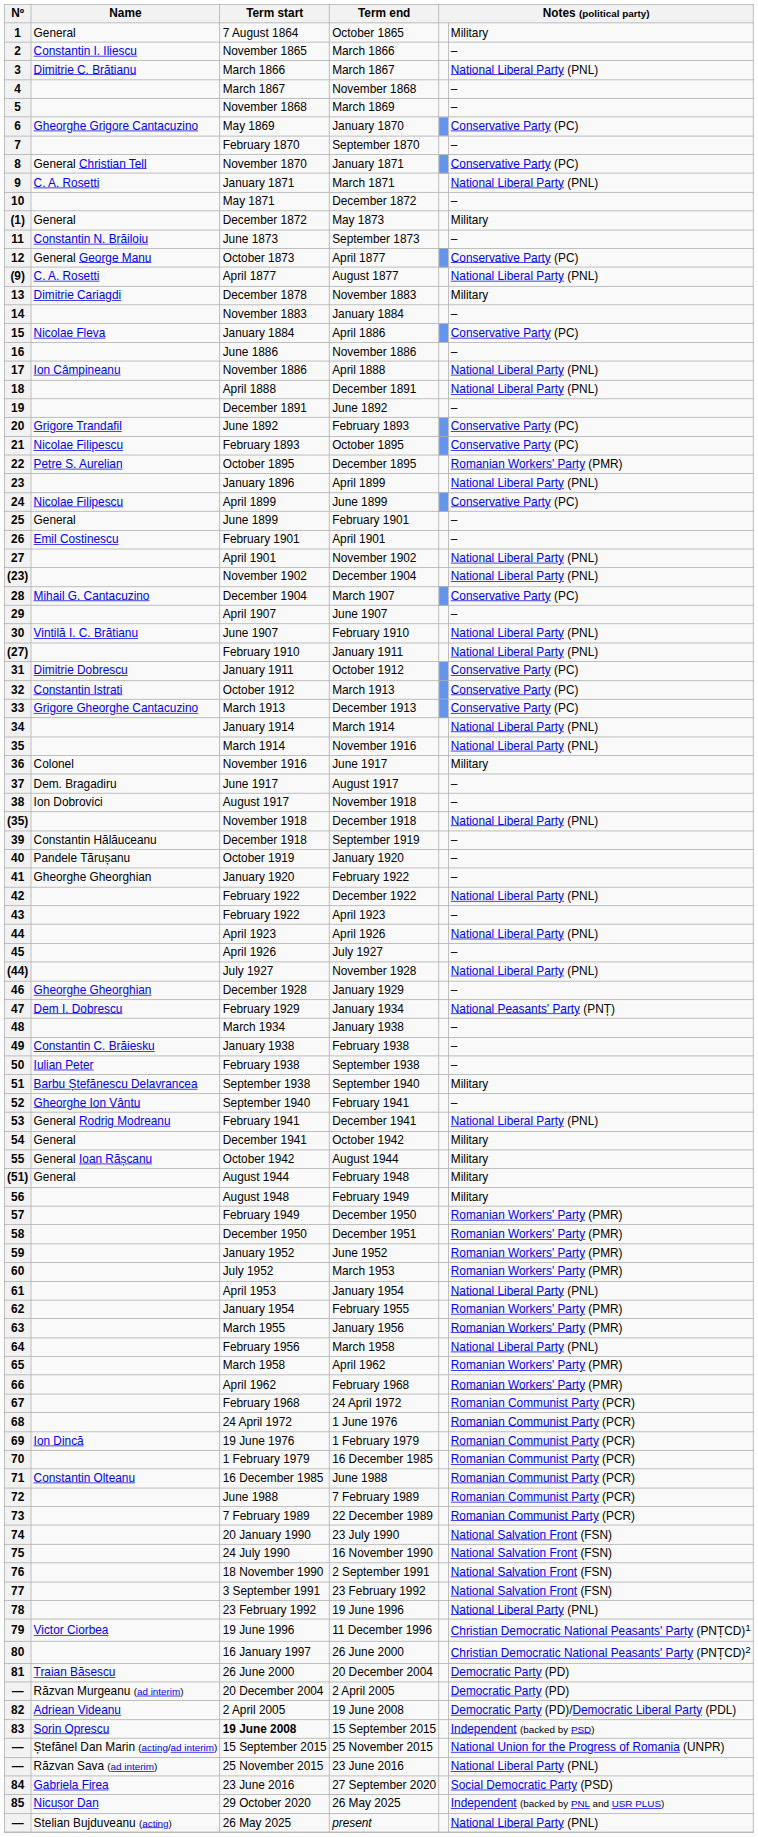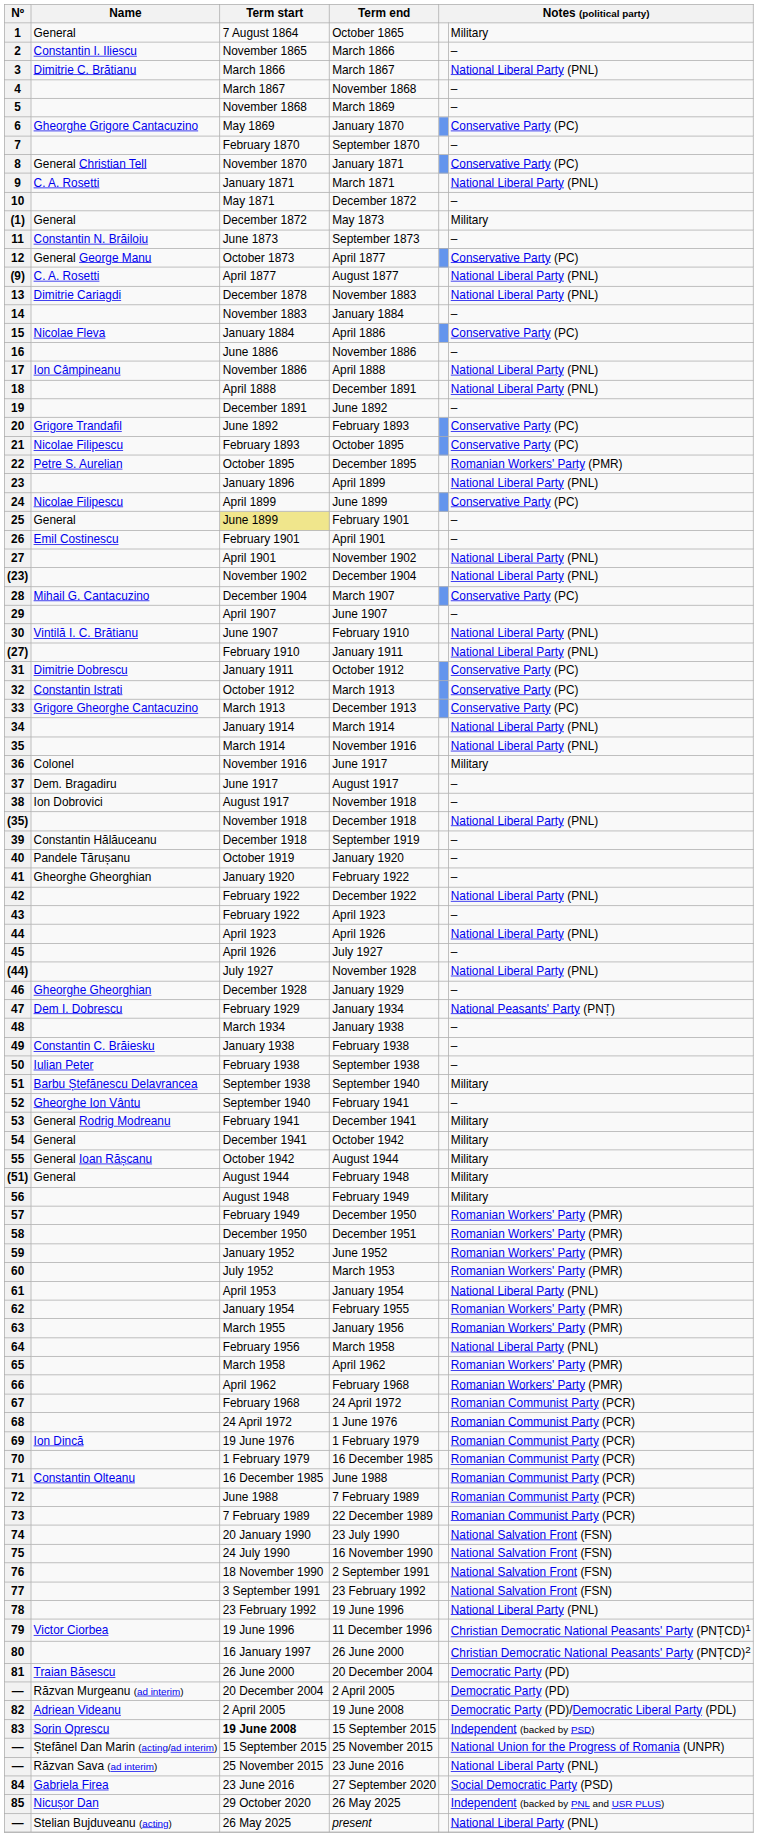 <table class="wikitable">
 <tr>
 <th>Nº</th>
 <th>Name</th>
 <th>Term start</th>
 <th>Term end</th>
 <th colspan=2>Notes <small>(political party)</small></th>
 </tr>
 <tr>
 <th>1</th>
 <td>General </td>
 <td>7 August 1864</td>
 <td>October 1865</td>
 <td style="background:"></td>
 <td>Military</td>
 </tr>
 <tr>
 <th>2</th>
 <td><a href='#'>Constantin I. Iliescu</a></td>
 <td>November 1865</td>
 <td>March 1866</td>
 <td></td>
 <td>–</td>
 </tr>
 <tr>
 <th>3</th>
 <td><a href='#'>Dimitrie C. Brătianu</a></td>
 <td>March 1866</td>
 <td>March 1867</td>
 <td style="background:"></td>
 <td><a href='#'>National Liberal Party</a> (PNL)</td>
 </tr>
 <tr>
 <th>4</th>
 <td></td>
 <td>March 1867</td>
 <td>November 1868</td>
 <td></td>
 <td>–</td>
 </tr>
 <tr>
 <th>5</th>
 <td></td>
 <td>November 1868</td>
 <td>March 1869</td>
 <td></td>
 <td>–</td>
 </tr>
 <tr>
 <th>6</th>
 <td><a href='#'>Gheorghe Grigore Cantacuzino</a></td>
 <td>May 1869</td>
 <td>January 1870</td>
 <td style="background:#6495ED; width:5px;"></td>
 <td><a href='#'>Conservative Party</a> (PC)</td>
 </tr>
 <tr>
 <th>7</th>
 <td></td>
 <td>February 1870</td>
 <td>September 1870</td>
 <td></td>
 <td>–</td>
 </tr>
 <tr>
 <th>8</th>
 <td>General <a href='#'>Christian Tell</a></td>
 <td>November 1870</td>
 <td>January 1871</td>
 <td style="background:#6495ED; width:5px;"></td>
 <td><a href='#'>Conservative Party</a> (PC)</td>
 </tr>
 <tr>
 <th>9</th>
 <td><a href='#'>C. A. Rosetti</a></td>
 <td>January 1871</td>
 <td>March 1871</td>
 <td style="background:"></td>
 <td><a href='#'>National Liberal Party</a> (PNL)</td>
 </tr>
 <tr>
 <th>10</th>
 <td></td>
 <td>May 1871</td>
 <td>December 1872</td>
 <td></td>
 <td>–</td>
 </tr>
 <tr>
 <th>(1)</th>
 <td>General </td>
 <td>December 1872</td>
 <td>May 1873</td>
 <td style="background:"></td>
 <td>Military</td>
 </tr>
 <tr>
 <th>11</th>
 <td><a href='#'>Constantin N. Brăiloiu</a></td>
 <td>June 1873</td>
 <td>September 1873</td>
 <td></td>
 <td>–</td>
 </tr>
 <tr>
 <th>12</th>
 <td>General <a href='#'>George Manu</a></td>
 <td>October 1873</td>
 <td>April 1877</td>
 <td style="background:#6495ED; width:5px;"></td>
 <td><a href='#'>Conservative Party</a> (PC)</td>
 </tr>
 <tr>
 <th>(9)</th>
 <td><a href='#'>C. A. Rosetti</a></td>
 <td>April 1877</td>
 <td>August 1877</td>
 <td style="background:"></td>
 <td><a href='#'>National Liberal Party</a> (PNL)</td>
 </tr>
 <tr>
 <th>13</th>
 <td><a href='#'>Dimitrie Cariagdi</a></td>
 <td>December 1878</td>
 <td>November 1883</td>
 <td style="background:"></td>
-<td>Military</td>
+<td><a href='#'>National Liberal Party</a> (PNL)</td>
 </tr>
 <tr>
 <th>14</th>
 <td></td>
 <td>November 1883</td>
 <td>January 1884</td>
 <td></td>
 <td>–</td>
 </tr>
 <tr>
 <th>15</th>
 <td><a href='#'>Nicolae Fleva</a></td>
 <td>January 1884</td>
 <td>April 1886</td>
 <td style="background:#6495ED; width:5px;"></td>
 <td><a href='#'>Conservative Party</a> (PC)</td>
 </tr>
 <tr>
 <th>16</th>
 <td></td>
 <td>June 1886</td>
 <td>November 1886</td>
 <td></td>
 <td>–</td>
 </tr>
 <tr>
 <th>17</th>
 <td><a href='#'>Ion Câmpineanu</a></td>
 <td>November 1886</td>
 <td>April 1888</td>
 <td style="background:"></td>
 <td><a href='#'>National Liberal Party</a> (PNL)</td>
 </tr>
 <tr>
 <th>18</th>
 <td></td>
 <td>April 1888</td>
 <td>December 1891</td>
 <td style="background:"></td>
 <td><a href='#'>National Liberal Party</a> (PNL)</td>
 </tr>
 <tr>
 <th>19</th>
 <td></td>
 <td>December 1891</td>
 <td>June 1892</td>
 <td></td>
 <td>–</td>
 </tr>
 <tr>
 <th>20</th>
 <td><a href='#'>Grigore Trandafil</a></td>
 <td>June 1892</td>
 <td>February 1893</td>
 <td style="background:#6495ED; width:5px;"></td>
 <td><a href='#'>Conservative Party</a> (PC)</td>
 </tr>
 <tr>
 <th>21</th>
 <td><a href='#'>Nicolae Filipescu</a></td>
 <td>February 1893</td>
 <td>October 1895</td>
 <td style="background:#6495ED; width:5px;"></td>
 <td><a href='#'>Conservative Party</a> (PC)</td>
 </tr>
 <tr>
 <th>22</th>
 <td><a href='#'>Petre S. Aurelian</a></td>
 <td>October 1895</td>
 <td>December 1895</td>
 <td style="background:"></td>
 <td><a href='#'>Romanian Workers' Party</a> (PMR)</td>
 </tr>
 <tr>
 <th>23</th>
 <td></td>
 <td>January 1896</td>
 <td>April 1899</td>
 <td style="background:"></td>
 <td><a href='#'>National Liberal Party</a> (PNL)</td>
 </tr>
 <tr>
 <th>24</th>
 <td><a href='#'>Nicolae Filipescu</a></td>
 <td>April 1899</td>
 <td>June 1899</td>
 <td style="background:#6495ED; width:5px;"></td>
 <td><a href='#'>Conservative Party</a> (PC)</td>
 </tr>
 <tr>
 <th>25</th>
 <td>General </td>
-<td>June 1899</td>
+<td style="background: khaki;">June 1899</td>
 <td>February 1901</td>
 <td></td>
 <td>–</td>
 </tr>
 <tr>
 <th>26</th>
 <td><a href='#'>Emil Costinescu</a></td>
 <td>February 1901</td>
 <td>April 1901</td>
 <td></td>
 <td>–</td>
 </tr>
 <tr>
 <th>27</th>
 <td></td>
 <td>April 1901</td>
 <td>November 1902</td>
 <td style="background:"></td>
 <td><a href='#'>National Liberal Party</a> (PNL)</td>
 </tr>
 <tr>
 <th>(23)</th>
 <td></td>
 <td>November 1902</td>
 <td>December 1904</td>
 <td style="background:"></td>
 <td><a href='#'>National Liberal Party</a> (PNL)</td>
 </tr>
 <tr>
 <th>28</th>
 <td><a href='#'>Mihail G. Cantacuzino</a></td>
 <td>December 1904</td>
 <td>March 1907</td>
 <td style="background:#6495ED; width:5px;"></td>
 <td><a href='#'>Conservative Party</a> (PC)</td>
 </tr>
 <tr>
 <th>29</th>
 <td></td>
 <td>April 1907</td>
 <td>June 1907</td>
 <td></td>
 <td>–</td>
 </tr>
 <tr>
 <th>30</th>
 <td><a href='#'>Vintilă I. C. Brătianu</a></td>
 <td>June 1907</td>
 <td>February 1910</td>
 <td style="background:"></td>
 <td><a href='#'>National Liberal Party</a> (PNL)</td>
 </tr>
 <tr>
 <th>(27)</th>
 <td></td>
 <td>February 1910</td>
 <td>January 1911</td>
 <td style="background:"></td>
 <td><a href='#'>National Liberal Party</a> (PNL)</td>
 </tr>
 <tr>
 <th>31</th>
 <td><a href='#'>Dimitrie Dobrescu</a></td>
 <td>January 1911</td>
 <td>October 1912</td>
 <td style="background:#6495ED; width:5px;"></td>
 <td><a href='#'>Conservative Party</a> (PC)</td>
 </tr>
 <tr>
 <th>32</th>
 <td><a href='#'>Constantin Istrati</a></td>
 <td>October 1912</td>
 <td>March 1913</td>
 <td style="background:#6495ED; width:5px;"></td>
 <td><a href='#'>Conservative Party</a> (PC)</td>
 </tr>
 <tr>
 <th>33</th>
 <td><a href='#'>Grigore Gheorghe Cantacuzino</a></td>
 <td>March 1913</td>
 <td>December 1913</td>
 <td style="background:#6495ED; width:5px;"></td>
 <td><a href='#'>Conservative Party</a> (PC)</td>
 </tr>
 <tr>
 <th>34</th>
 <td></td>
 <td>January 1914</td>
 <td>March 1914</td>
 <td style="background:"></td>
 <td><a href='#'>National Liberal Party</a> (PNL)</td>
 </tr>
 <tr>
 <th>35</th>
 <td></td>
 <td>March 1914</td>
 <td>November 1916</td>
 <td style="background:"></td>
 <td><a href='#'>National Liberal Party</a> (PNL)</td>
 </tr>
 <tr>
 <th>36</th>
 <td>Colonel </td>
 <td>November 1916</td>
 <td>June 1917</td>
 <td style="background:"></td>
 <td>Military</td>
 </tr>
 <tr>
 <th>37</th>
 <td>Dem. Bragadiru</td>
 <td>June 1917</td>
 <td>August 1917</td>
 <td></td>
 <td>–</td>
 </tr>
 <tr>
 <th>38</th>
 <td>Ion Dobrovici</td>
 <td>August 1917</td>
 <td>November 1918</td>
 <td></td>
 <td>–</td>
 </tr>
 <tr>
 <th>(35)</th>
 <td></td>
 <td>November 1918</td>
 <td>December 1918</td>
 <td style="background:"></td>
 <td><a href='#'>National Liberal Party</a> (PNL)</td>
 </tr>
 <tr>
 <th>39</th>
 <td>Constantin Hălăuceanu</td>
 <td>December 1918</td>
 <td>September 1919</td>
 <td></td>
 <td>–</td>
 </tr>
 <tr>
 <th>40</th>
 <td>Pandele Tărușanu</td>
 <td>October 1919</td>
 <td>January 1920</td>
 <td></td>
 <td>–</td>
 </tr>
 <tr>
 <th>41</th>
 <td>Gheorghe Gheorghian</td>
 <td>January 1920</td>
 <td>February 1922</td>
 <td></td>
 <td>–</td>
 </tr>
 <tr>
 <th>42</th>
 <td></td>
 <td>February 1922</td>
 <td>December 1922</td>
 <td style="background:"></td>
 <td><a href='#'>National Liberal Party</a> (PNL)</td>
 </tr>
 <tr>
 <th>43</th>
 <td></td>
 <td>February 1922</td>
 <td>April 1923</td>
 <td></td>
 <td>–</td>
 </tr>
 <tr>
 <th>44</th>
 <td></td>
 <td>April 1923</td>
 <td>April 1926</td>
 <td style="background:"></td>
 <td><a href='#'>National Liberal Party</a> (PNL)</td>
 </tr>
 <tr>
 <th>45</th>
 <td></td>
 <td>April 1926</td>
 <td>July 1927</td>
 <td></td>
 <td>–</td>
 </tr>
 <tr>
 <th>(44)</th>
 <td></td>
 <td>July 1927</td>
 <td>November 1928</td>
 <td style="background:"></td>
 <td><a href='#'>National Liberal Party</a> (PNL)</td>
 </tr>
 <tr>
 <th>46</th>
 <td><a href='#'>Gheorghe Gheorghian</a></td>
 <td>December 1928</td>
 <td>January 1929</td>
 <td></td>
 <td>–</td>
 </tr>
 <tr>
 <th>47</th>
 <td><a href='#'>Dem I. Dobrescu</a></td>
 <td>February 1929</td>
 <td>January 1934</td>
 <td style="background:"></td>
 <td><a href='#'>National Peasants' Party</a> (PNȚ)</td>
 </tr>
 <tr>
 <th>48</th>
 <td></td>
 <td>March 1934</td>
 <td>January 1938</td>
 <td></td>
 <td>–</td>
 </tr>
 <tr>
 <th>49</th>
 <td><a href='#'>Constantin C. Brăiesku</a></td>
 <td>January 1938</td>
 <td>February 1938</td>
 <td></td>
 <td>–</td>
 </tr>
 <tr>
 <th>50</th>
 <td><a href='#'>Iulian Peter</a></td>
 <td>February 1938</td>
 <td>September 1938</td>
 <td></td>
 <td>–</td>
 </tr>
 <tr>
 <th>51</th>
 <td><a href='#'>Barbu Ștefănescu Delavrancea</a></td>
 <td>September 1938</td>
 <td>September 1940</td>
 <td style="background:"></td>
 <td>Military</td>
 </tr>
 <tr>
 <th>52</th>
 <td><a href='#'>Gheorghe Ion Vântu</a></td>
 <td>September 1940</td>
 <td>February 1941</td>
 <td></td>
 <td>–</td>
 </tr>
 <tr>
 <th>53</th>
 <td>General <a href='#'>Rodrig Modreanu</a></td>
 <td>February 1941</td>
 <td>December 1941</td>
 <td style="background:"></td>
-<td><a href='#'>National Liberal Party</a> (PNL)</td>
+<td>Military</td>
 </tr>
 <tr>
 <th>54</th>
 <td>General </td>
 <td>December 1941</td>
 <td>October 1942</td>
 <td style="background:"></td>
 <td>Military</td>
 </tr>
 <tr>
 <th>55</th>
 <td>General <a href='#'>Ioan Rășcanu</a></td>
 <td>October 1942</td>
 <td>August 1944</td>
 <td style="background:"></td>
 <td>Military</td>
 </tr>
 <tr>
 <th>(51)</th>
 <td>General </td>
 <td>August 1944</td>
 <td>February 1948</td>
 <td style="background:"></td>
 <td>Military</td>
 </tr>
 <tr>
 <th>56</th>
 <td></td>
 <td>August 1948</td>
 <td>February 1949</td>
 <td style="background:"></td>
 <td>Military</td>
 </tr>
 <tr>
 <th>57</th>
 <td></td>
 <td>February 1949</td>
 <td>December 1950</td>
 <td style="background:"></td>
 <td><a href='#'>Romanian Workers' Party</a> (PMR)</td>
 </tr>
 <tr>
 <th>58</th>
 <td></td>
 <td>December 1950</td>
 <td>December 1951</td>
 <td style="background:"></td>
 <td><a href='#'>Romanian Workers' Party</a> (PMR)</td>
 </tr>
 <tr>
 <th>59</th>
 <td></td>
 <td>January 1952</td>
 <td>June 1952</td>
 <td style="background:"></td>
 <td><a href='#'>Romanian Workers' Party</a> (PMR)</td>
 </tr>
 <tr>
 <th>60</th>
 <td></td>
 <td>July 1952</td>
 <td>March 1953</td>
 <td style="background:"></td>
 <td><a href='#'>Romanian Workers' Party</a> (PMR)</td>
 </tr>
 <tr>
 <th>61</th>
 <td></td>
 <td>April 1953</td>
 <td>January 1954</td>
 <td style="background:"></td>
 <td><a href='#'>National Liberal Party</a> (PNL)</td>
 </tr>
 <tr>
 <th>62</th>
 <td></td>
 <td>January 1954</td>
 <td>February 1955</td>
 <td style="background:"></td>
 <td><a href='#'>Romanian Workers' Party</a> (PMR)</td>
 </tr>
 <tr>
 <th>63</th>
 <td></td>
 <td>March 1955</td>
 <td>January 1956</td>
 <td style="background:"></td>
 <td><a href='#'>Romanian Workers' Party</a> (PMR)</td>
 </tr>
 <tr>
 <th>64</th>
 <td></td>
 <td>February 1956</td>
 <td>March 1958</td>
 <td style="background:"></td>
 <td><a href='#'>National Liberal Party</a> (PNL)</td>
 </tr>
 <tr>
 <th>65</th>
 <td></td>
 <td>March 1958</td>
 <td>April 1962</td>
 <td style="background:"></td>
 <td><a href='#'>Romanian Workers' Party</a> (PMR)</td>
 </tr>
 <tr>
 <th>66</th>
 <td></td>
 <td>April 1962</td>
 <td>February 1968</td>
 <td style="background:"></td>
 <td><a href='#'>Romanian Workers' Party</a> (PMR)</td>
 </tr>
 <tr>
 <th>67</th>
 <td></td>
 <td>February 1968</td>
 <td>24 April 1972</td>
 <td style="background:"></td>
 <td><a href='#'>Romanian Communist Party</a> (PCR)</td>
 </tr>
 <tr>
 <th>68</th>
 <td></td>
 <td>24 April 1972</td>
 <td>1 June 1976</td>
 <td style="background:"></td>
 <td><a href='#'>Romanian Communist Party</a> (PCR)</td>
 </tr>
 <tr>
 <th>69</th>
 <td><a href='#'>Ion Dincă</a></td>
 <td>19 June 1976</td>
 <td>1 February 1979</td>
 <td style="background:"></td>
 <td><a href='#'>Romanian Communist Party</a> (PCR)</td>
 </tr>
 <tr>
 <th>70</th>
 <td></td>
 <td>1 February 1979</td>
 <td>16 December 1985</td>
 <td style="background:"></td>
 <td><a href='#'>Romanian Communist Party</a> (PCR)</td>
 </tr>
 <tr>
 <th>71</th>
 <td><a href='#'>Constantin Olteanu</a></td>
 <td>16 December 1985</td>
 <td>June 1988</td>
 <td style="background:"></td>
 <td><a href='#'>Romanian Communist Party</a> (PCR)</td>
 </tr>
 <tr>
 <th>72</th>
 <td></td>
 <td>June 1988</td>
 <td>7 February 1989</td>
 <td style="background:"></td>
 <td><a href='#'>Romanian Communist Party</a> (PCR)</td>
 </tr>
 <tr>
 <th>73</th>
 <td></td>
 <td>7 February 1989</td>
 <td>22 December 1989</td>
 <td style="background:"></td>
 <td><a href='#'>Romanian Communist Party</a> (PCR)</td>
 </tr>
 <tr>
 <th>74</th>
 <td></td>
 <td>20 January 1990</td>
 <td>23 July 1990</td>
 <td style="background:"></td>
 <td><a href='#'>National Salvation Front</a> (FSN)</td>
 </tr>
 <tr>
 <th>75</th>
 <td></td>
 <td>24 July 1990</td>
 <td>16 November 1990</td>
 <td style="background:"></td>
 <td><a href='#'>National Salvation Front</a> (FSN)</td>
 </tr>
 <tr>
 <th>76</th>
 <td></td>
 <td>18 November 1990</td>
 <td>2 September 1991</td>
 <td style="background:"></td>
 <td><a href='#'>National Salvation Front</a> (FSN)</td>
 </tr>
 <tr>
 <th>77</th>
 <td></td>
 <td>3 September 1991</td>
 <td>23 February 1992</td>
 <td style="background:"></td>
 <td><a href='#'>National Salvation Front</a> (FSN)</td>
 </tr>
 <tr>
 <th>78</th>
 <td></td>
 <td>23 February 1992</td>
 <td>19 June 1996</td>
 <td style="background:"></td>
 <td><a href='#'>National Liberal Party</a> (PNL)</td>
 </tr>
 <tr>
 <th>79</th>
 <td><a href='#'>Victor Ciorbea</a></td>
 <td>19 June 1996</td>
 <td>11 December 1996</td>
 <td style="background:"></td>
 <td><a href='#'>Christian Democratic National Peasants' Party</a> (PNȚCD)<sup>1</sup></td>
 </tr>
 <tr>
 <th>80</th>
 <td></td>
 <td>16 January 1997</td>
 <td>26 June 2000</td>
 <td style="background:"></td>
 <td><a href='#'>Christian Democratic National Peasants' Party</a> (PNȚCD)<sup>2</sup></td>
 </tr>
 <tr>
 <th>81</th>
 <td><a href='#'>Traian Băsescu</a></td>
 <td>26 June 2000</td>
 <td>20 December 2004</td>
 <td style="background:"></td>
 <td><a href='#'>Democratic Party</a> (PD)</td>
 </tr>
 <tr>
 <th>—</th>
 <td>Răzvan Murgeanu <small>(<a href='#'>ad interim</a>)</small></td>
 <td>20 December 2004</td>
 <td>2 April 2005</td>
 <td style="background:"></td>
 <td><a href='#'>Democratic Party</a> (PD)</td>
 </tr>
 <tr>
 <th>82</th>
 <td><a href='#'>Adriean Videanu</a></td>
 <td>2 April 2005</td>
 <td>19 June 2008</td>
 <td style="background:"></td>
 <td><a href='#'>Democratic Party</a> (PD)/<a href='#'>Democratic Liberal Party</a> (PDL)</td>
 </tr>
 <tr>
 <th>83</th>
 <td><a href='#'>Sorin Oprescu</a></td>
 <td><strong>19 June 2008</strong></td>
 <td>15 September 2015</td>
 <td style="background:"></td>
 <td><a href='#'>Independent</a> <small>(backed by <a href='#'>PSD</a>)</small></td>
 </tr>
 <tr>
 <th>—</th>
 <td>Ștefănel Dan Marin <small>(<a href='#'>acting</a>/<a href='#'>ad interim</a>)</small></td>
 <td>15 September 2015</td>
 <td>25 November 2015</td>
 <td style="background:"></td>
 <td><a href='#'>National Union for the Progress of Romania</a> (UNPR)</td>
 </tr>
 <tr>
 <th>—</th>
 <td>Răzvan Sava <small>(<a href='#'>ad interim</a>)</small></td>
 <td>25 November 2015</td>
 <td>23 June 2016</td>
 <td style="background:"></td>
 <td><a href='#'>National Liberal Party</a> (PNL)</td>
 </tr>
 <tr>
 <th>84</th>
 <td><a href='#'>Gabriela Firea</a></td>
 <td>23 June 2016</td>
 <td>27 September 2020</td>
 <td style="background:"></td>
 <td><a href='#'>Social Democratic Party</a> (PSD)</td>
 </tr>
 <tr>
 <th>85</th>
 <td><a href='#'>Nicușor Dan</a></td>
 <td>29 October 2020</td>
 <td>26 May 2025</td>
 <td style="background:"></td>
 <td><a href='#'>Independent</a> <small>(backed by <a href='#'>PNL</a> and <a href='#'>USR PLUS</a>)</small></td>
 </tr>
 <tr>
 <th>—</th>
 <td>Stelian Bujduveanu <small>(<a href='#'>acting</a>)</small></td>
 <td>26 May 2025</td>
 <td><em>present</em></td>
 <td style="background:"></td>
 <td><a href='#'>National Liberal Party</a> (PNL)</td>
 </tr>
 <tr>
 </tr>
 </table>
